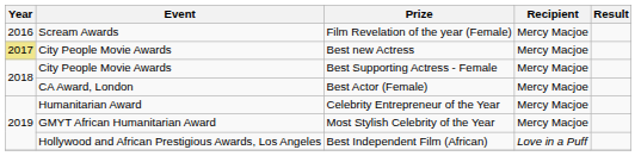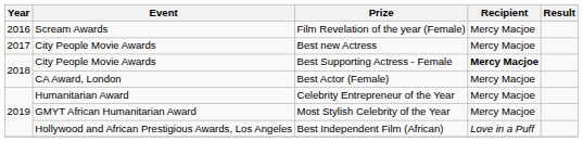 <table class="wikitable">
 <tr>
 <th>Year</th>
 <th>Event</th>
 <th>Prize</th>
 <th>Recipient</th>
 <th>Result</th>
 </tr>
 <tr>
 <td>2016</td>
 <td>Scream Awards</td>
 <td>Film Revelation of the year (Female)</td>
 <td>Mercy Macjoe</td>
 <td></td>
 </tr>
 <tr>
-<td style="background: khaki;">2017</td>
+<td>2017</td>
 <td>City People Movie Awards</td>
 <td>Best new Actress</td>
 <td>Mercy Macjoe</td>
 <td></td>
 </tr>
 <tr>
 <td rowspan="2">2018</td>
 <td>City People Movie Awards</td>
 <td>Best Supporting Actress - Female</td>
-<td>Mercy Macjoe</td>
+<td><strong>Mercy Macjoe</strong></td>
 <td></td>
 </tr>
 <tr>
 <td>CA Award, London</td>
 <td>Best Actor (Female)</td>
 <td>Mercy Macjoe</td>
 <td></td>
 </tr>
 <tr>
 <td rowspan="3">2019</td>
 <td>Humanitarian Award</td>
 <td>Celebrity Entrepreneur of the Year</td>
 <td>Mercy Macjoe</td>
 <td></td>
 </tr>
 <tr>
 <td>GMYT African Humanitarian Award</td>
 <td>Most Stylish Celebrity of the Year</td>
 <td>Mercy Macjoe</td>
 <td></td>
 </tr>
 <tr>
 <td>Hollywood and African Prestigious Awards, Los Angeles</td>
 <td>Best Independent Film (African)</td>
 <td><em>Love in a Puff</em></td>
 <td></td>
 </tr>
 <tr>
 </tr>
 </table>
